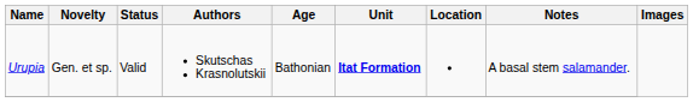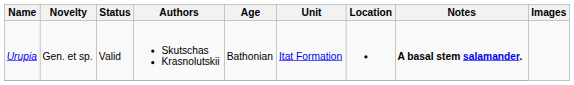 <table class="wikitable sortable" align="center" width="100%">
 <tr>
 <th>Name</th>
 <th>Novelty</th>
 <th>Status</th>
 <th>Authors</th>
 <th>Age</th>
 <th>Unit</th>
 <th>Location</th>
 <th>Notes</th>
 <th>Images</th>
 </tr>
 <tr>
 <td><br><em><a href='#'>Urupia</a></em></td>
 <td><br>Gen. et sp.</td>
 <td><br>Valid</td>
 <td><br><ul><li>Skutschas</li><li>Krasnolutskii</li></ul></td>
 <td><br>Bathonian</td>
-<td><strong><br><a href='#'>Itat Formation</a></strong></td>
+<td><br><a href='#'>Itat Formation</a></td>
 <td><br><ul><li></li></ul></td>
-<td><br>A basal stem <a href='#'>salamander</a>.</td>
+<td><strong><br>A basal stem <a href='#'>salamander</a>.</strong></td>
 <td rowspan="47"></td>
 </tr>
 <tr>
 </tr>
 </table>
